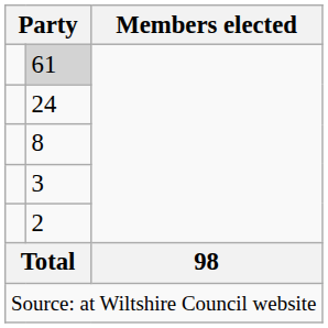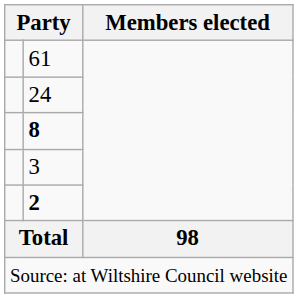 <table class="wikitable">
 <tr>
 <th colspan=2>Party</th>
 <th>Members elected</th>
 </tr>
 <tr>
 <td></td>
-<td style="background: lightgrey;">61</td>
+<td>61</td>
 </tr>
 <tr>
 <td></td>
 <td>24</td>
 </tr>
 <tr>
 <td></td>
-<td>8</td>
+<td><strong>8</strong></td>
 </tr>
 <tr>
 <td></td>
 <td>3</td>
 </tr>
 <tr>
 <td></td>
-<td>2</td>
+<td><strong>2</strong></td>
 </tr>
 <tr>
 <th colspan=2>Total</th>
 <th>98</th>
 </tr>
 <tr>
 <td colspan=3><small>Source:  at Wiltshire Council website</small></td>
 </tr>
 </table>
